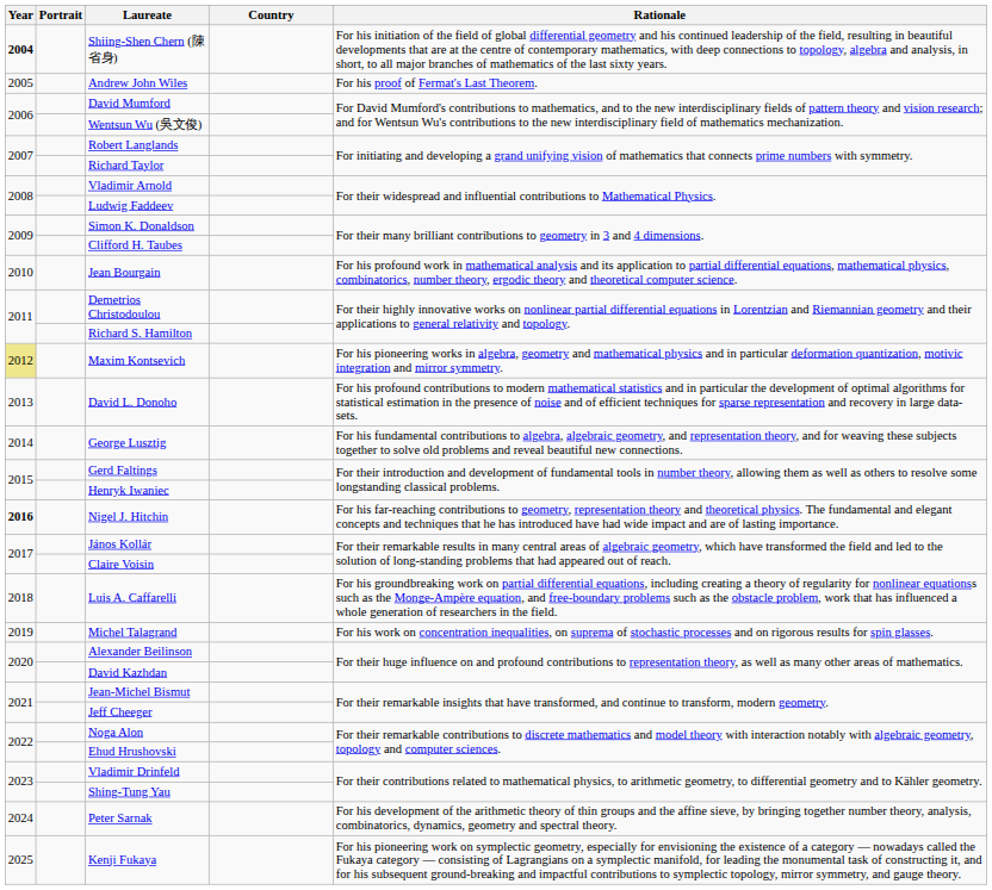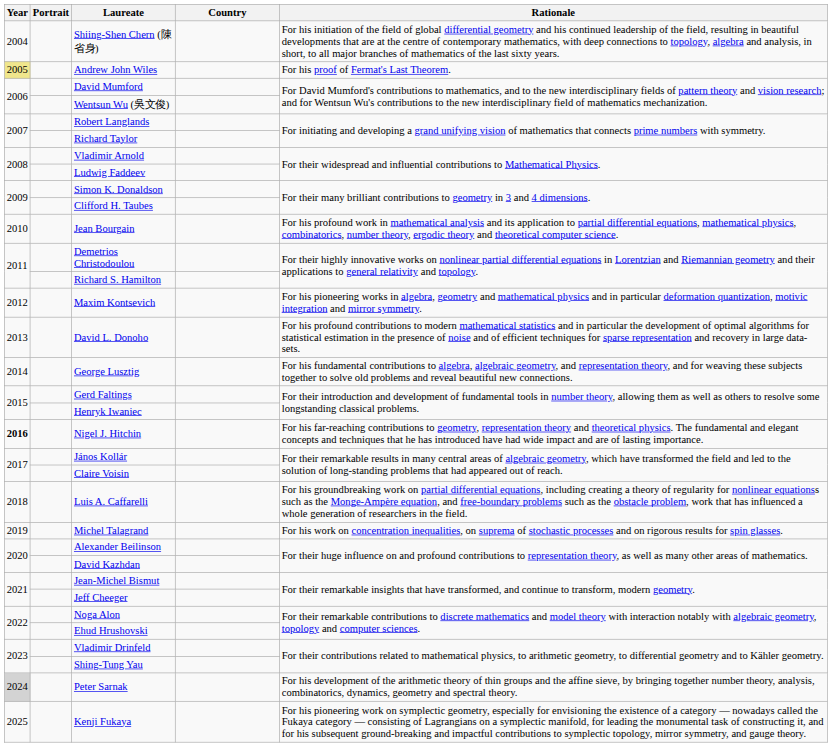 <table class="wikitable sortable">
 <tr>
 <th>Year</th>
 <th class="unsortable">Portrait</th>
 <th style="width:150px">Laureate</th>
 <th style="width:150px">Country</th>
 <th class="unsortable">Rationale</th>
 </tr>
 <tr>
-<td><strong>2004</strong></td>
+<td>2004</td>
 <td></td>
 <td data-sort-value="Chern"><a href='#'>Shiing-Shen Chern</a> (陳省身)</td>
 <td></td>
 <td>For his initiation of the field of global <a href='#'>differential geometry</a> and his continued leadership of the field, resulting in beautiful developments that are at the centre of contemporary mathematics, with deep connections to <a href='#'>topology</a>, <a href='#'>algebra</a> and analysis, in short, to all major branches of mathematics of the last sixty years.</td>
 </tr>
 <tr>
-<td>2005</td>
+<td style="background: khaki;">2005</td>
 <td></td>
 <td data-sort-value="Wiles"><a href='#'>Andrew John Wiles</a></td>
 <td></td>
 <td>For his <a href='#'>proof</a> of <a href='#'>Fermat's Last Theorem</a>.</td>
 </tr>
 <tr>
 <td rowspan=2>2006</td>
 <td></td>
 <td data-sort-value="Mumford"><a href='#'>David Mumford</a></td>
 <td></td>
 <td rowspan=2>For David Mumford's contributions to mathematics, and to the new interdisciplinary fields of <a href='#'>pattern theory</a> and <a href='#'>vision research</a>; and for Wentsun Wu's contributions to the new interdisciplinary field of mathematics mechanization.</td>
 </tr>
 <tr>
 <td></td>
 <td data-sort-value="Wu"><a href='#'>Wentsun Wu</a> (吳文俊)</td>
 <td></td>
 </tr>
 <tr>
 <td rowspan=2>2007</td>
 <td></td>
 <td data-sort-value="Langlands"><a href='#'>Robert Langlands</a></td>
 <td></td>
 <td rowspan=2>For initiating and developing a <a href='#'>grand unifying vision</a> of mathematics that connects <a href='#'>prime numbers</a> with symmetry.</td>
 </tr>
 <tr>
 <td></td>
 <td data-sort-value="Taylor"><a href='#'>Richard Taylor</a></td>
 <td></td>
 </tr>
 <tr>
 <td rowspan=2>2008</td>
 <td></td>
 <td data-sort-value="Arnold"><a href='#'>Vladimir Arnold</a></td>
 <td></td>
 <td rowspan=2>For their widespread and influential contributions to <a href='#'>Mathematical Physics</a>.</td>
 </tr>
 <tr>
 <td></td>
 <td data-sort-value="Faddeev"><a href='#'>Ludwig Faddeev</a></td>
 <td></td>
 </tr>
 <tr>
 <td rowspan=2>2009</td>
 <td></td>
 <td data-sort-value="Donaldson"><a href='#'>Simon K. Donaldson</a></td>
 <td></td>
 <td rowspan=2>For their many brilliant contributions to <a href='#'>geometry</a> in <a href='#'>3</a> and <a href='#'>4 dimensions</a>.</td>
 </tr>
 <tr>
 <td></td>
 <td data-sort-value="Taubes"><a href='#'>Clifford H. Taubes</a></td>
 <td></td>
 </tr>
 <tr>
 <td>2010</td>
 <td></td>
 <td data-sort-value="Bourgain"><a href='#'>Jean Bourgain</a></td>
 <td></td>
 <td>For his profound work in <a href='#'>mathematical analysis</a> and its application to <a href='#'>partial differential equations</a>, <a href='#'>mathematical physics</a>, <a href='#'>combinatorics</a>, <a href='#'>number theory</a>, <a href='#'>ergodic theory</a> and <a href='#'>theoretical computer science</a>.</td>
 </tr>
 <tr>
 <td rowspan=2>2011</td>
 <td></td>
 <td data-sort-name="Christodoulou"><a href='#'>Demetrios Christodoulou</a></td>
 <td></td>
 <td rowspan=2>For their highly innovative works on <a href='#'>nonlinear partial differential equations</a> in <a href='#'>Lorentzian</a> and <a href='#'>Riemannian geometry</a> and their applications to <a href='#'>general relativity</a> and <a href='#'>topology</a>.</td>
 </tr>
 <tr>
 <td></td>
 <td data-sort-name="Hamilton"><a href='#'>Richard S. Hamilton</a></td>
 <td></td>
 </tr>
 <tr>
-<td style="background: khaki;">2012</td>
+<td>2012</td>
 <td></td>
 <td data-sort-name="Kontsevich"><a href='#'>Maxim Kontsevich</a></td>
 <td></td>
 <td>For his pioneering works in <a href='#'>algebra</a>, <a href='#'>geometry</a> and <a href='#'>mathematical physics</a> and in particular <a href='#'>deformation quantization</a>, <a href='#'>motivic integration</a> and <a href='#'>mirror symmetry</a>.</td>
 </tr>
 <tr>
 <td>2013</td>
 <td></td>
 <td data-sort-name="Donoho"><a href='#'>David L. Donoho</a></td>
 <td></td>
 <td>For his profound contributions to modern <a href='#'>mathematical statistics</a> and in particular the development of optimal algorithms for statistical estimation in the presence of <a href='#'>noise</a> and of efficient techniques for <a href='#'>sparse representation</a> and recovery in large data-sets.</td>
 </tr>
 <tr>
 <td>2014</td>
 <td></td>
 <td data-sort-value="Lusztig"><a href='#'>George Lusztig</a></td>
 <td></td>
 <td>For his fundamental contributions to <a href='#'>algebra</a>, <a href='#'>algebraic geometry</a>, and <a href='#'>representation theory</a>, and for weaving these subjects together to solve old problems and reveal beautiful new connections.</td>
 </tr>
 <tr>
 <td rowspan=2>2015</td>
 <td></td>
 <td data-sort-value="Faltings"><a href='#'>Gerd Faltings</a></td>
 <td></td>
 <td rowspan=2>For their introduction and development of fundamental tools in <a href='#'>number theory</a>, allowing them as well as others to resolve some longstanding classical problems.</td>
 </tr>
 <tr>
 <td></td>
 <td data-sort-value="Iwaniec"><a href='#'>Henryk Iwaniec</a></td>
 <td></td>
 </tr>
 <tr>
 <td><strong>2016</strong></td>
 <td></td>
 <td data-sort-value="Hitchin"><a href='#'>Nigel J. Hitchin</a></td>
 <td></td>
 <td>For his far-reaching contributions to <a href='#'>geometry</a>, <a href='#'>representation theory</a> and <a href='#'>theoretical physics</a>. The fundamental and elegant concepts and techniques that he has introduced have had wide impact and are of lasting importance.</td>
 </tr>
 <tr>
 <td rowspan=2>2017</td>
 <td></td>
 <td data-sort-value="Kollár"><a href='#'>János Kollár</a></td>
 <td></td>
 <td rowspan=2>For their remarkable results in many central areas of <a href='#'>algebraic geometry</a>, which have transformed the field and led to the solution of long-standing problems that had appeared out of reach.</td>
 </tr>
 <tr>
 <td></td>
 <td data-sort-name="Voisin"><a href='#'>Claire Voisin</a></td>
 <td></td>
 </tr>
 <tr>
 <td>2018</td>
 <td></td>
 <td data-sort-value="Caffarelli"><a href='#'>Luis A. Caffarelli</a></td>
 <td></td>
 <td>For his groundbreaking work on <a href='#'>partial differential equations</a>, including creating a theory of regularity for <a href='#'>nonlinear equations</a>s such as the <a href='#'>Monge-Ampère equation</a>, and <a href='#'>free-boundary problems</a> such as the <a href='#'>obstacle problem</a>, work that has influenced a whole generation of researchers in the field.</td>
 </tr>
 <tr>
 <td>2019</td>
 <td></td>
 <td data-sort-value="Talagrand"><a href='#'>Michel Talagrand</a></td>
 <td></td>
 <td>For his work on <a href='#'>concentration inequalities</a>, on <a href='#'>suprema</a> of <a href='#'>stochastic processes</a> and on rigorous results for <a href='#'>spin glasses</a>.</td>
 </tr>
 <tr>
 <td rowspan=2>2020</td>
 <td></td>
 <td data-sort-value="Beilinson"><a href='#'>Alexander Beilinson</a></td>
 <td></td>
 <td rowspan=2>For their huge influence on and profound contributions to <a href='#'>representation theory</a>, as well as many other areas of mathematics.</td>
 </tr>
 <tr>
 <td></td>
 <td data-sort-value="Kazhdan"><a href='#'>David Kazhdan</a></td>
 <td></td>
 </tr>
 <tr>
 <td rowspan=2>2021</td>
 <td></td>
 <td data-sort-value="Bismut"><a href='#'>Jean-Michel Bismut</a></td>
 <td></td>
 <td rowspan=2>For their remarkable insights that have transformed, and continue to transform, modern <a href='#'>geometry</a>.</td>
 </tr>
 <tr>
 <td></td>
 <td data-sort-value="Cheeger"><a href='#'>Jeff Cheeger</a></td>
 <td></td>
 </tr>
 <tr>
 <td rowspan=2>2022</td>
 <td></td>
 <td data-sort-value="Agon"><a href='#'>Noga Alon</a></td>
 <td></td>
 <td rowspan=2>For their remarkable contributions to <a href='#'>discrete mathematics</a> and <a href='#'>model theory</a> with interaction notably with <a href='#'>algebraic geometry</a>, <a href='#'>topology</a> and <a href='#'>computer sciences</a>.</td>
 </tr>
 <tr>
 <td></td>
 <td data-sort-name="Hrushovski"><a href='#'>Ehud Hrushovski</a></td>
 <td></td>
 </tr>
 <tr>
 <td rowspan=2>2023</td>
 <td></td>
 <td data-sort-value="Drinfeld"><a href='#'>Vladimir Drinfeld</a></td>
 <td></td>
 <td rowspan=2>For their contributions related to mathematical physics, to arithmetic geometry, to differential geometry and to Kähler geometry.</td>
 </tr>
 <tr>
 <td></td>
 <td data-sort-name="Yau"><a href='#'>Shing-Tung Yau</a></td>
 <td></td>
 </tr>
 <tr>
-<td>2024</td>
+<td style="background: lightgrey;">2024</td>
 <td></td>
 <td data-sort-value="Sarnak"><a href='#'>Peter Sarnak</a></td>
 <td></td>
 <td>For his development of the arithmetic theory of thin groups and the affine sieve, by bringing together number theory, analysis, combinatorics, dynamics, geometry and spectral theory.</td>
 </tr>
 <tr>
 <td>2025</td>
 <td></td>
 <td data-sort-value="Fukaya"><a href='#'>Kenji Fukaya</a></td>
 <td></td>
 <td>For his pioneering work on symplectic geometry, especially for envisioning the existence of a category — nowadays called the Fukaya category — consisting of Lagrangians on a symplectic manifold, for leading the monumental task of constructing it, and for his subsequent ground-breaking and impactful contributions to symplectic topology, mirror symmetry, and gauge theory.</td>
 </tr>
 </table>
